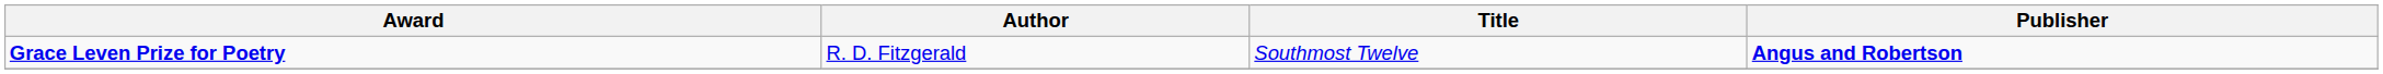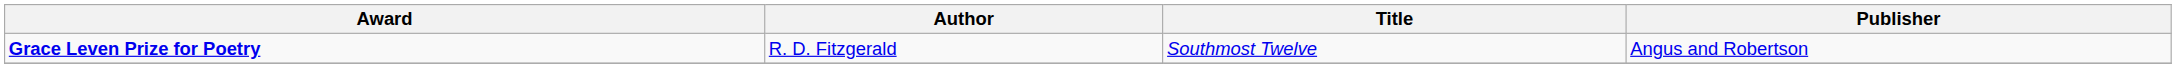 <table class="wikitable" width=95%>
 <tr>
 <th>Award</th>
 <th>Author</th>
 <th>Title</th>
 <th>Publisher</th>
 </tr>
 <tr>
 <td><strong><a href='#'>Grace Leven Prize for Poetry</a></strong></td>
 <td><a href='#'>R. D. Fitzgerald</a></td>
 <td><em><a href='#'>Southmost Twelve</a></em></td>
-<td><strong><a href='#'>Angus and Robertson</a></strong></td>
+<td><a href='#'>Angus and Robertson</a></td>
 </tr>
 <tr>
 </tr>
 </table>
